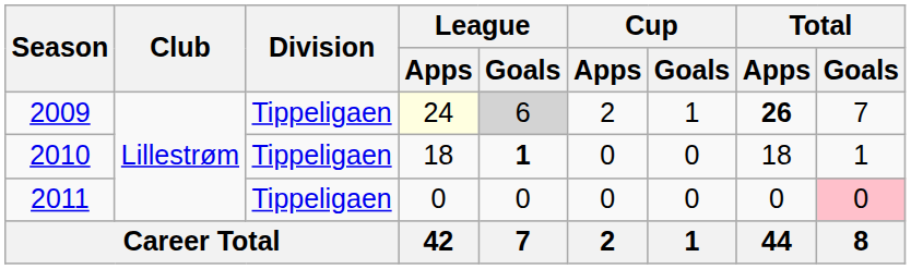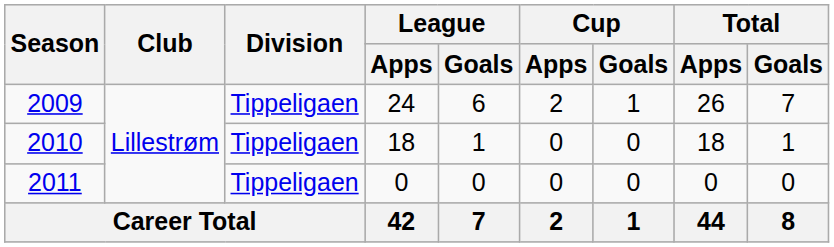 <table class="wikitable" style="text-align: center;">
 <tr>
 <th rowspan="2">Season</th>
 <th rowspan="2">Club</th>
 <th rowspan="2">Division</th>
 <th colspan="2">League</th>
 <th colspan="2">Cup</th>
 <th colspan="2">Total</th>
 </tr>
 <tr>
 <th>Apps</th>
 <th>Goals</th>
 <th>Apps</th>
 <th>Goals</th>
 <th>Apps</th>
 <th>Goals</th>
 </tr>
 <tr>
 <td><a href='#'>2009</a></td>
 <td rowspan="3" valign="center"><a href='#'>Lillestrøm</a></td>
 <td><a href='#'>Tippeligaen</a></td>
-<td style="background: lightyellow;">24</td>
-<td style="background: lightgrey;">6</td>
+<td>24</td>
+<td>6</td>
 <td>2</td>
 <td>1</td>
-<td><strong>26</strong></td>
+<td>26</td>
 <td>7</td>
 </tr>
 <tr>
 <td><a href='#'>2010</a></td>
 <td><a href='#'>Tippeligaen</a></td>
 <td>18</td>
-<td><strong>1</strong></td>
+<td>1</td>
 <td>0</td>
 <td>0</td>
 <td>18</td>
 <td>1</td>
 </tr>
 <tr>
 <td><a href='#'>2011</a></td>
 <td><a href='#'>Tippeligaen</a></td>
 <td>0</td>
 <td>0</td>
 <td>0</td>
 <td>0</td>
 <td>0</td>
-<td style="background: pink;">0</td>
+<td>0</td>
 </tr>
 <tr>
 <th colspan="3">Career Total</th>
 <th>42</th>
 <th>7</th>
 <th>2</th>
 <th>1</th>
 <th>44</th>
 <th>8</th>
 </tr>
 </table>
